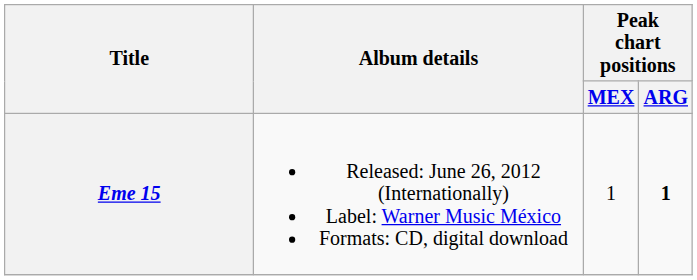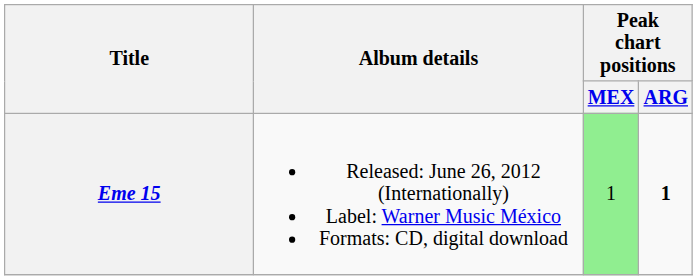 <table class="wikitable plainrowheaders" style="text-align:center;">
 <tr>
 <th scope="col" rowspan="2" style="width:12em;">Title</th>
 <th scope="col" rowspan="2" style="width:16em;">Album details</th>
 <th scope="col" colspan="2">Peak<br>chart<br>positions</th>
 </tr>
 <tr>
 <th style="width:30px;"><a href='#'>MEX</a></th>
 <th style="width:30px;"><a href='#'>ARG</a></th>
 </tr>
 <tr>
 <th scope="row"><em><a href='#'>Eme 15</a></em></th>
 <td><br><ul><li>Released: June 26, 2012 (Internationally)</li><li>Label: <a href='#'>Warner Music México</a></li><li>Formats: CD, digital download</li></ul></td>
-<td>1</td>
+<td style="background: lightgreen;">1</td>
 <td><strong>1</strong></td>
 </tr>
 <tr>
 </tr>
 </table>
